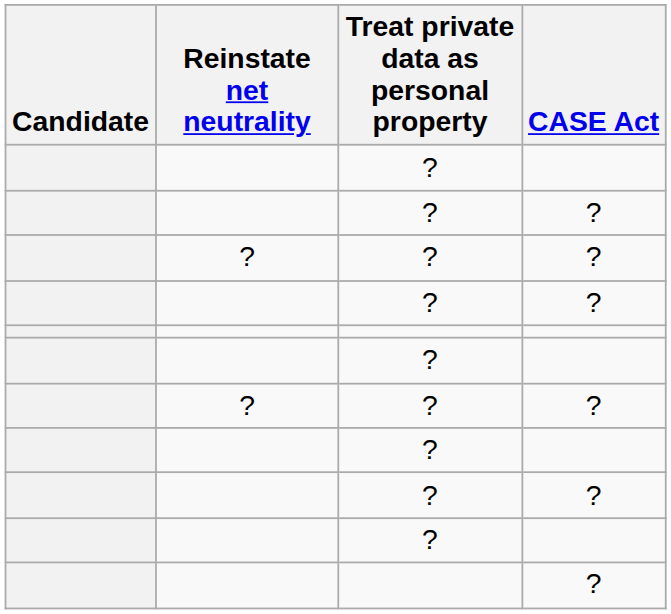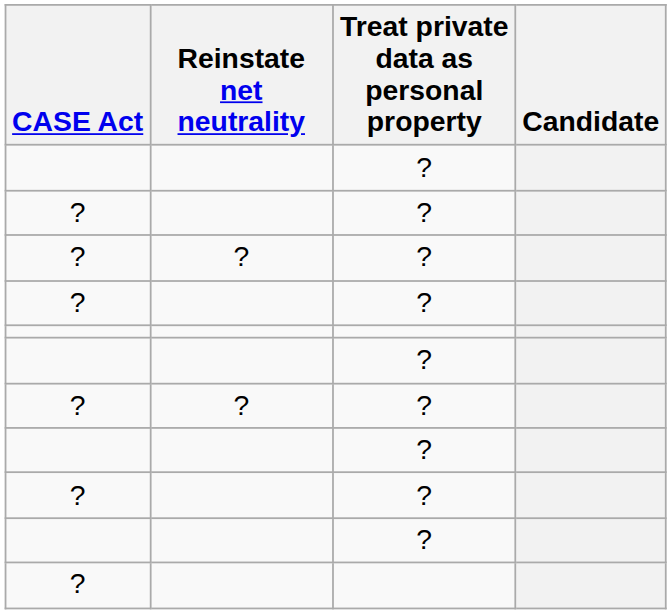 <table class="wikitable sortable" style=margin:auto;table-layout:fixed;text-align:center>
 <tr valign=bottom>
-<th>Candidate</th>
+<th style=max-width:6em><a href='#'>CASE Act</a></th>
 <th style=max-width:6em>Reinstate <a href='#'>net neutrality</a></th>
 <th style=max-width:6em>Treat private data as personal property</th>
-<th style=max-width:6em><a href='#'>CASE Act</a></th>
+<th>Candidate</th>
 </tr>
 <tr>
-<th></th>
+<td></td>
 <td></td>
 <td>?</td>
-<td></td>
+<th></th>
 </tr>
 <tr>
-<th></th>
+<td>?</td>
 <td></td>
 <td>?</td>
-<td>?</td>
+<th></th>
 </tr>
 <tr>
-<th></th>
 <td>?</td>
 <td>?</td>
 <td>?</td>
+<th></th>
 </tr>
 <tr>
-<th></th>
+<td>?</td>
 <td></td>
 <td>?</td>
-<td>?</td>
+<th></th>
 </tr>
 <tr>
-<th></th>
 <td></td>
 <td></td>
 <td></td>
+<th></th>
 </tr>
 <tr>
-<th></th>
+<td></td>
 <td></td>
 <td>?</td>
-<td></td>
+<th></th>
 </tr>
 <tr>
-<th></th>
 <td>?</td>
 <td>?</td>
 <td>?</td>
+<th></th>
 </tr>
 <tr>
-<th></th>
-<td></td>
-<td>?</td>
-<td></td>
-</tr>
-<tr>
-<th></th>
-<td></td>
-<td>?</td>
-<td>?</td>
-</tr>
-<tr>
-<th></th>
-<td></td>
-<td>?</td>
-<td></td>
-</tr>
-<tr>
-<th></th>
 <td></td>
 <td></td>
 <td>?</td>
+<th></th>
+</tr>
+<tr>
+<td>?</td>
+<td></td>
+<td>?</td>
+<th></th>
+</tr>
+<tr>
+<td></td>
+<td></td>
+<td>?</td>
+<th></th>
+</tr>
+<tr>
+<td>?</td>
+<td></td>
+<td></td>
+<th></th>
 </tr>
 </table>
